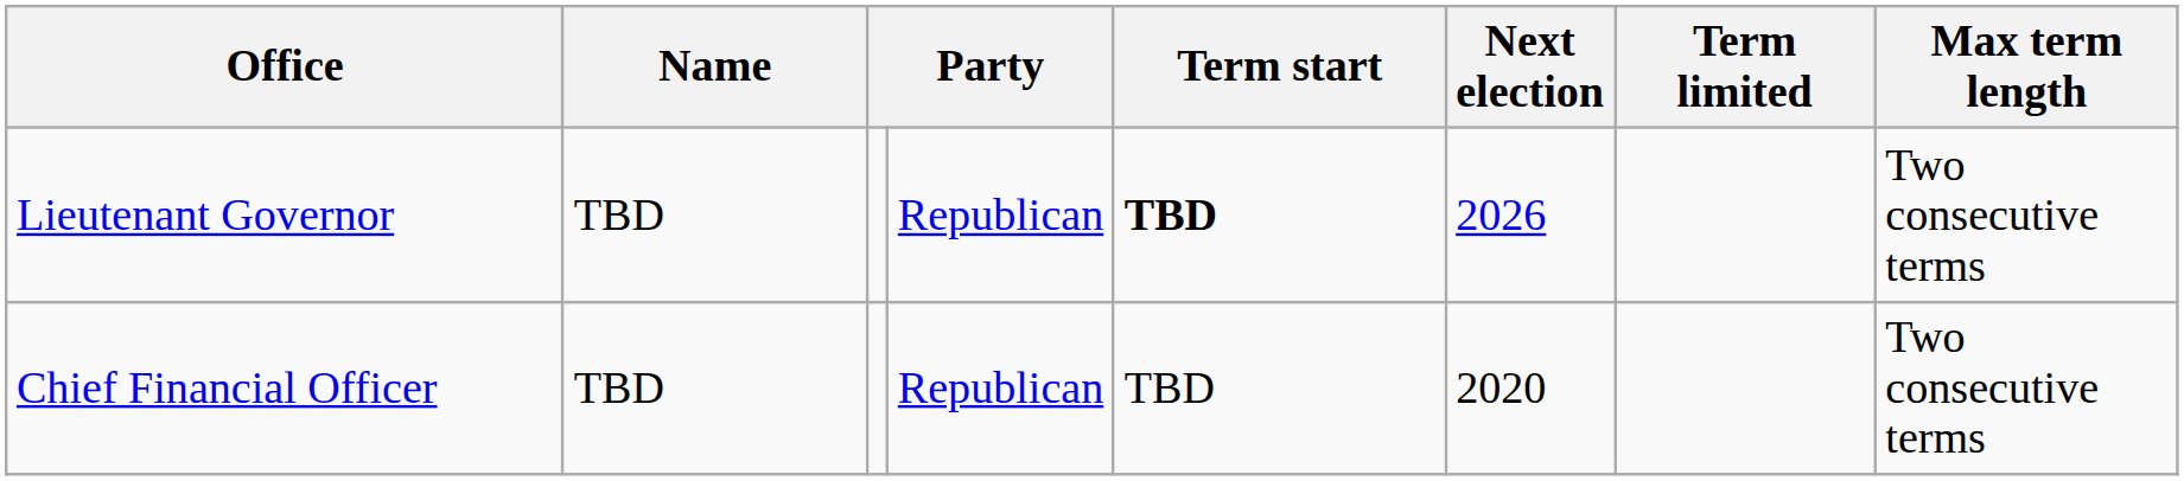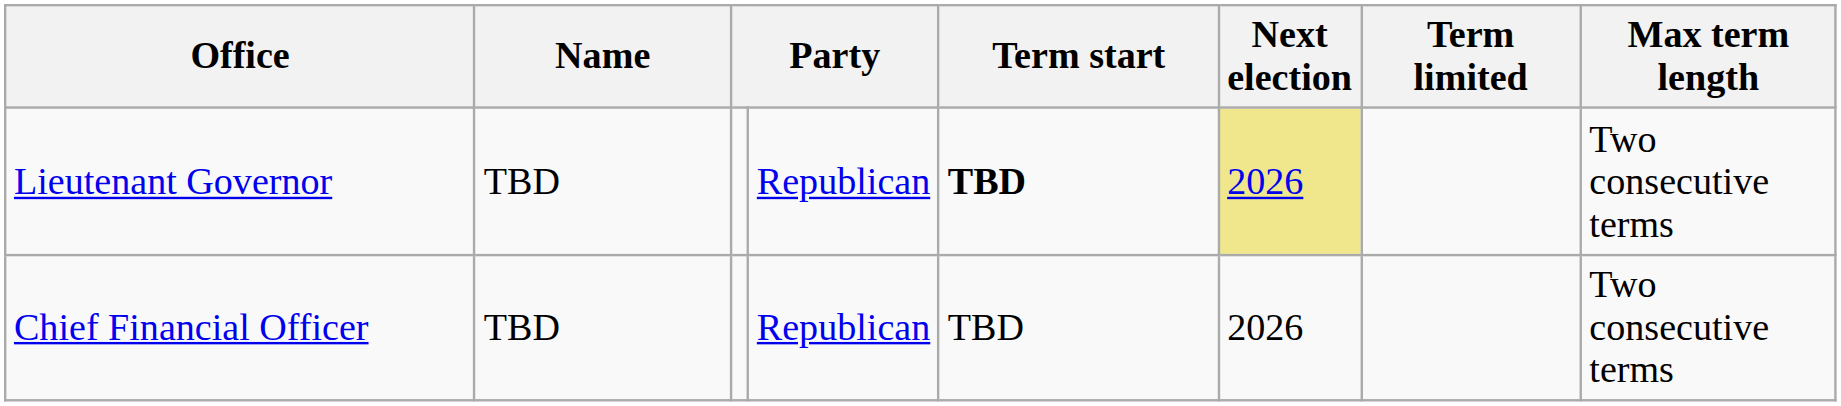 <table class="sortable wikitable">
 <tr>
 <th scope="col" width=190>Office</th>
 <th scope="col" width=100>Name</th>
 <th scope="col" width=75 colspan=2>Party</th>
 <th scope="col" width=110>Term start</th>
 <th scope="col" width=50>Next election</th>
 <th scope="col" width=85>Term limited</th>
 <th scope="col" width=100>Max term length</th>
 </tr>
 <tr>
 <td><a href='#'>Lieutenant Governor</a></td>
 <td>TBD</td>
 <td style="background-color:"></td>
 <td><a href='#'>Republican</a></td>
 <td><strong>TBD</strong></td>
-<td><a href='#'>2026</a></td>
+<td style="background: khaki;"><a href='#'>2026</a></td>
 <td></td>
 <td>Two consecutive terms</td>
 </tr>
 <tr>
 <td><a href='#'>Chief Financial Officer</a></td>
 <td>TBD</td>
 <td style="background-color:"></td>
 <td><a href='#'>Republican</a></td>
 <td>TBD</td>
-<td>2020</td>
+<td>2026</td>
 <td></td>
 <td>Two consecutive terms</td>
 </tr>
 </table>
